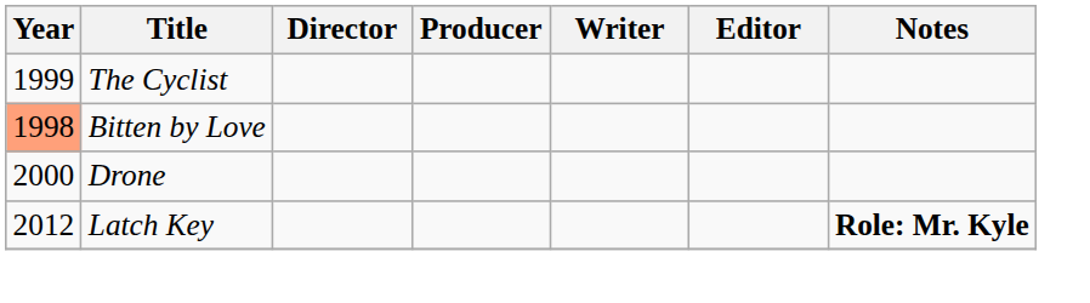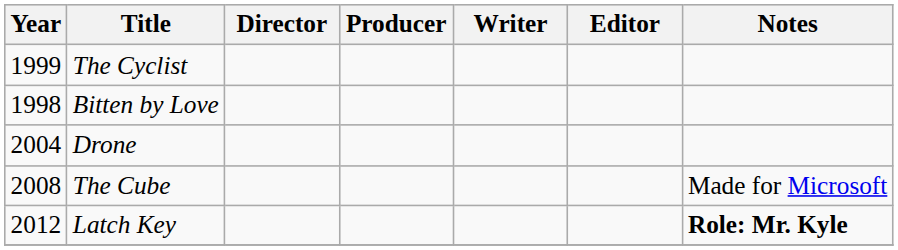 <table class="wikitable">
 <tr>
 <th>Year</th>
 <th>Title</th>
 <th width="65">Director</th>
 <th width="65">Producer</th>
 <th width="65">Writer</th>
 <th width="65">Editor</th>
 <th>Notes</th>
 </tr>
 <tr>
 <td>1999</td>
 <td><em>The Cyclist</em></td>
 <td></td>
 <td></td>
 <td></td>
 <td></td>
 <td></td>
 </tr>
 <tr>
-<td style="background: lightsalmon;">1998</td>
+<td>1998</td>
 <td><em>Bitten by Love</em></td>
 <td></td>
 <td></td>
 <td></td>
 <td></td>
 <td></td>
 </tr>
 <tr>
-<td>2000</td>
+<td>2004</td>
 <td><em>Drone</em></td>
 <td></td>
 <td></td>
 <td></td>
 <td></td>
 <td></td>
+</tr>
+<tr>
+<td>2008</td>
+<td><em>The Cube</em></td>
+<td></td>
+<td></td>
+<td></td>
+<td></td>
+<td>Made for <a href='#'>Microsoft</a></td>
 </tr>
 <tr>
 <td>2012</td>
 <td><em>Latch Key</em></td>
 <td></td>
 <td></td>
 <td></td>
 <td></td>
 <td><strong>Role: Mr. Kyle</strong></td>
 </tr>
 <tr>
 </tr>
 </table>
